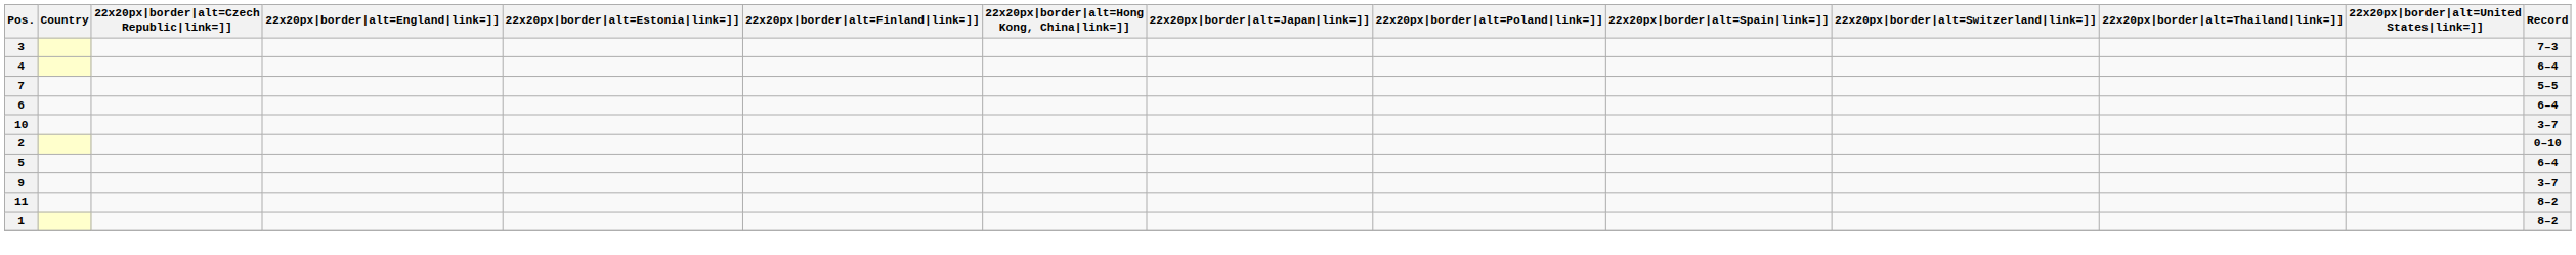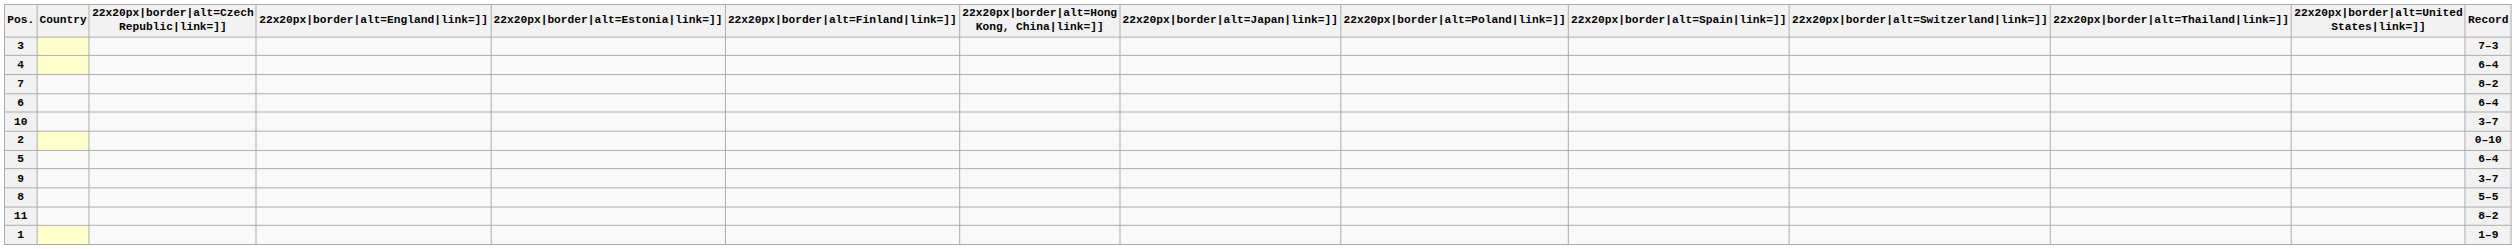 <table class="wikitable sortable nowrap" style="text-align:center; font-size:0.9em;">
 <tr>
 <th>Pos.</th>
 <th>Country</th>
 <th [[Image:>22x20px|border|alt=Czech Republic|link=]]</th>
 <th [[Image:>22x20px|border|alt=England|link=]]</th>
 <th [[Image:>22x20px|border|alt=Estonia|link=]]</th>
 <th [[Image:>22x20px|border|alt=Finland|link=]]</th>
 <th [[Image:>22x20px|border|alt=Hong Kong, China|link=]]</th>
 <th [[Image:>22x20px|border|alt=Japan|link=]]</th>
 <th [[Image:>22x20px|border|alt=Poland|link=]]</th>
 <th [[Image:>22x20px|border|alt=Spain|link=]]</th>
 <th [[Image:>22x20px|border|alt=Switzerland|link=]]</th>
 <th [[Image:>22x20px|border|alt=Thailand|link=]]</th>
 <th [[Image:>22x20px|border|alt=United States|link=]]</th>
 <th>Record</th>
 </tr>
 <tr>
 <th>3</th>
 <td style="text-align:left; background:#ffc;"></td>
 <td></td>
 <td></td>
 <td></td>
 <td></td>
 <td></td>
 <td></td>
 <td></td>
 <td></td>
 <td></td>
 <td></td>
 <td></td>
 <th>7–3</th>
 </tr>
 <tr>
 <th>4</th>
 <td style="text-align:left; background:#ffc;"></td>
 <td></td>
 <td></td>
 <td></td>
 <td></td>
 <td></td>
 <td></td>
 <td></td>
 <td></td>
 <td></td>
 <td></td>
 <td></td>
 <th>6–4</th>
 </tr>
 <tr>
 <th>7</th>
 <td style="text-align:left;"></td>
 <td></td>
 <td></td>
 <td></td>
 <td></td>
 <td></td>
 <td></td>
 <td></td>
 <td></td>
 <td></td>
 <td></td>
 <td></td>
-<th>5–5</th>
+<th>8–2</th>
 </tr>
 <tr>
 <th>6</th>
 <td style="text-align:left;"></td>
 <td></td>
 <td></td>
 <td></td>
 <td></td>
 <td></td>
 <td></td>
 <td></td>
 <td></td>
 <td></td>
 <td></td>
 <td></td>
 <th>6–4</th>
 </tr>
 <tr>
 <th>10</th>
 <td style="text-align:left;"></td>
 <td></td>
 <td></td>
 <td></td>
 <td></td>
 <td></td>
 <td></td>
 <td></td>
 <td></td>
 <td></td>
 <td></td>
 <td></td>
 <th>3–7</th>
 </tr>
 <tr>
 <th>2</th>
 <td style="text-align:left; background:#ffc;"></td>
 <td></td>
 <td></td>
 <td></td>
 <td></td>
 <td></td>
 <td></td>
 <td></td>
 <td></td>
 <td></td>
 <td></td>
 <td></td>
 <th>0–10</th>
 </tr>
 <tr>
 <th>5</th>
 <td style="text-align:left;"></td>
 <td></td>
 <td></td>
 <td></td>
 <td></td>
 <td></td>
 <td></td>
 <td></td>
 <td></td>
 <td></td>
 <td></td>
 <td></td>
 <th>6–4</th>
 </tr>
 <tr>
 <th>9</th>
 <td style="text-align:left;"></td>
 <td></td>
 <td></td>
 <td></td>
 <td></td>
 <td></td>
 <td></td>
 <td></td>
 <td></td>
 <td></td>
 <td></td>
 <td></td>
 <th>3–7</th>
 </tr>
 <tr>
+<th>8</th>
+<td style="text-align:left;"></td>
+<td></td>
+<td></td>
+<td></td>
+<td></td>
+<td></td>
+<td></td>
+<td></td>
+<td></td>
+<td></td>
+<td></td>
+<td></td>
+<th>5–5</th>
+</tr>
+<tr>
 <th>11</th>
 <td style="text-align:left;"></td>
 <td></td>
 <td></td>
 <td></td>
 <td></td>
 <td></td>
 <td></td>
 <td></td>
 <td></td>
 <td></td>
 <td></td>
 <td></td>
 <th>8–2</th>
 </tr>
 <tr>
 <th>1</th>
 <td style="text-align:left; background:#ffc;"></td>
 <td></td>
 <td></td>
 <td></td>
 <td></td>
 <td></td>
 <td></td>
 <td></td>
 <td></td>
 <td></td>
 <td></td>
 <td></td>
-<th>8–2</th>
+<th>1–9</th>
 </tr>
 <tr>
 </tr>
 </table>
